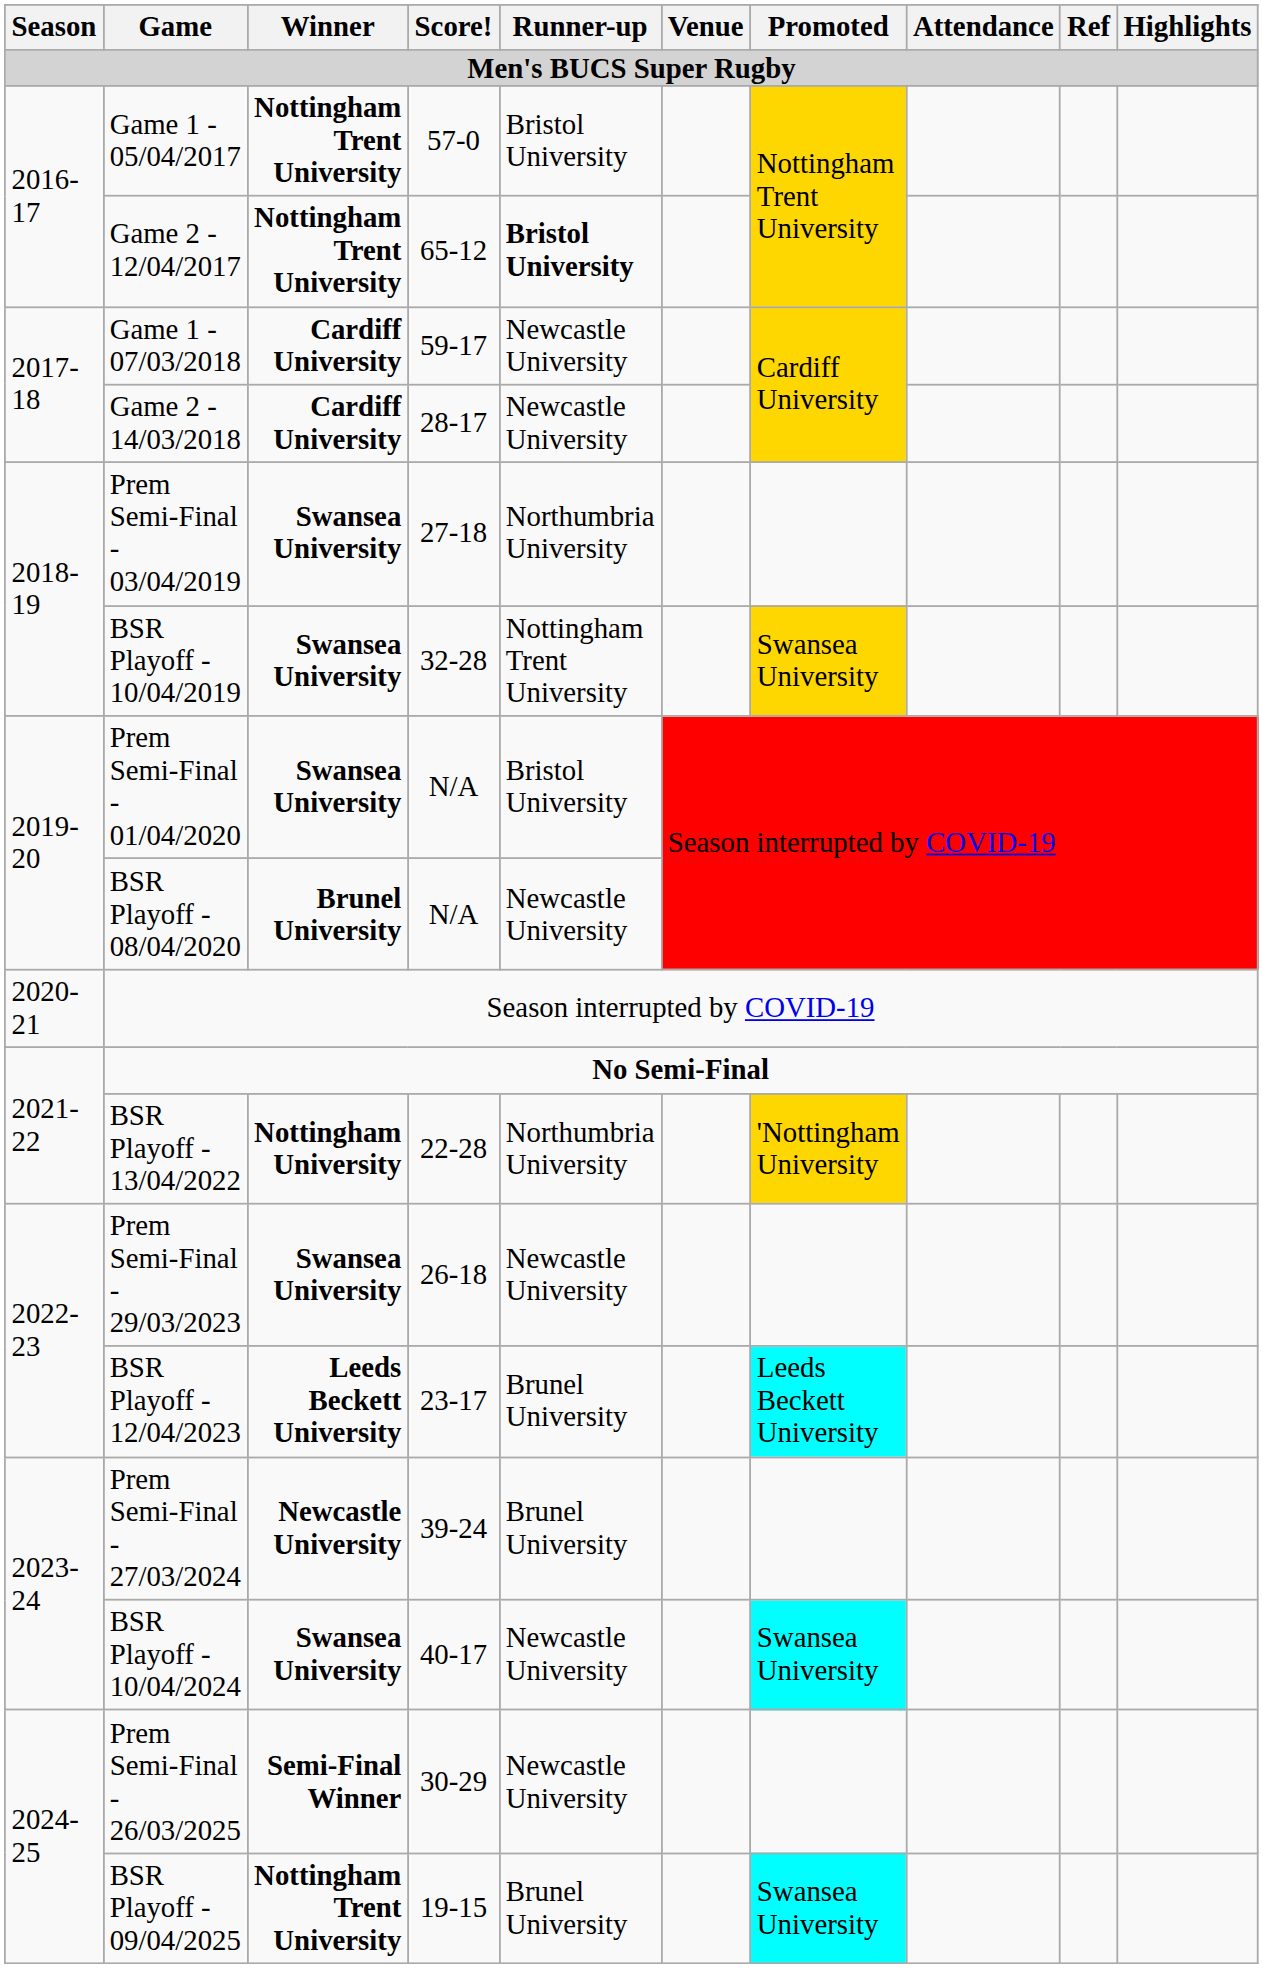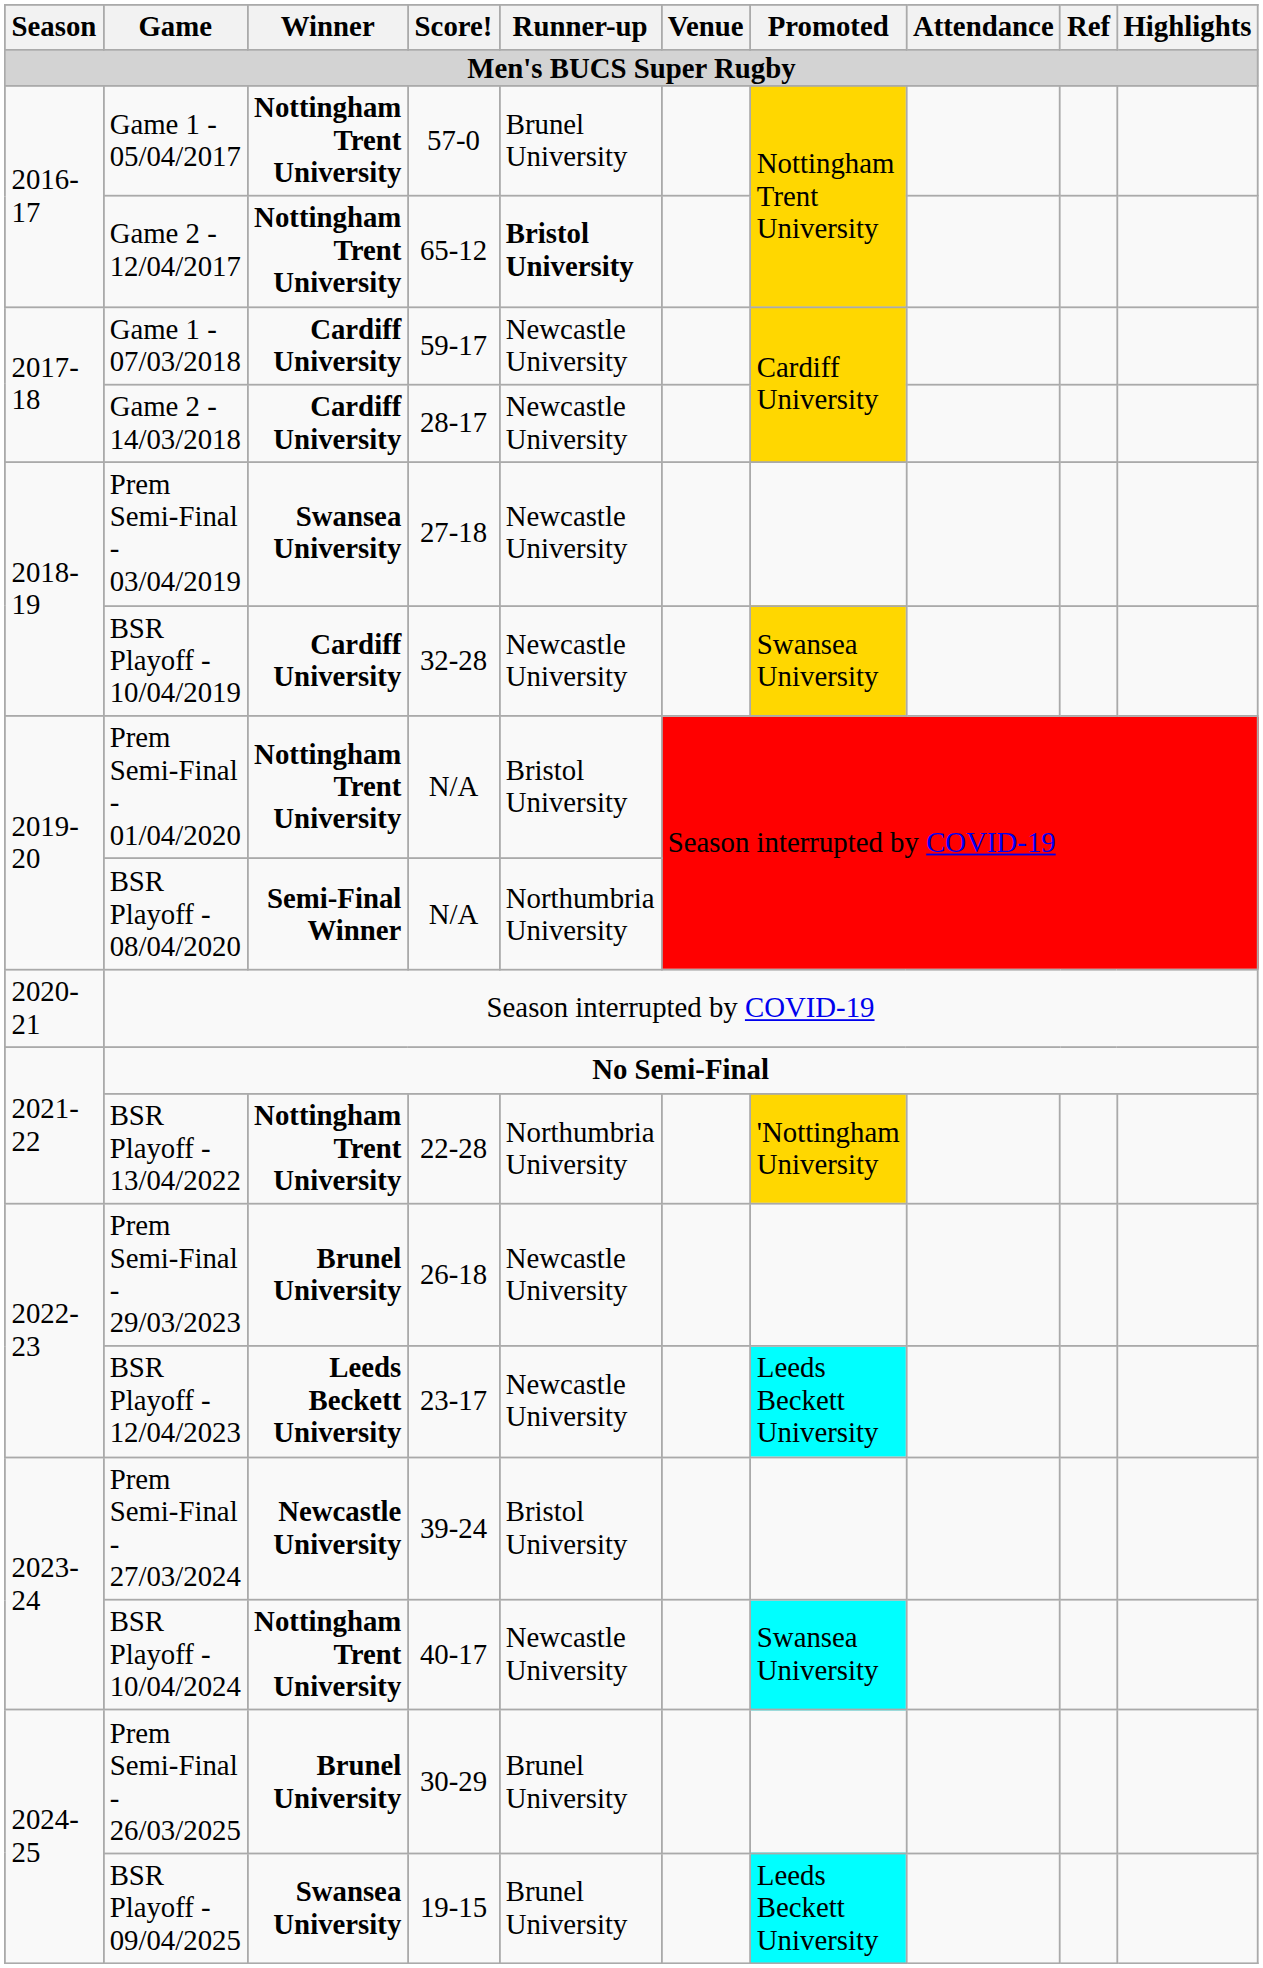 <table class="wikitable">
 <tr>
 <th>Season</th>
 <th>Game</th>
 <th> Winner</th>
 <th>Score!</th>
 <th> Runner-up</th>
 <th>Venue</th>
 <th>Promoted</th>
 <th>Attendance</th>
 <th>Ref</th>
 <th>Highlights</th>
 </tr>
 <tr bgcolor=lightgrey>
 <td colspan=10 align=center style="line-height:12px;"><span><strong>Men's BUCS Super Rugby</strong></span></td>
 </tr>
 <tr>
 <td rowspan=2>2016-17</td>
 <td>Game 1 - 05/04/2017</td>
 <td style="text-align:right;"><strong>Nottingham Trent University</strong></td>
 <td style="text-align:center;">57-0</td>
-<td style="text-align:left;">Bristol University</td>
+<td style="text-align:left;">Brunel University</td>
 <td></td>
 <td rowspan=2 style="background: gold">Nottingham Trent University</td>
 <td></td>
 <td></td>
 <td></td>
 </tr>
 <tr>
 <td>Game 2 - 12/04/2017</td>
 <td style="text-align:right;"><strong>Nottingham Trent University</strong></td>
 <td style="text-align:center;">65-12</td>
 <td style="text-align:left;"><strong>Bristol University</strong></td>
 <td></td>
 <td></td>
 <td></td>
 <td></td>
 </tr>
 <tr>
 <td rowspan=2>2017-18</td>
 <td>Game 1 - 07/03/2018</td>
 <td style="text-align:right;"><strong>Cardiff University</strong></td>
 <td style="text-align:center;">59-17</td>
 <td style="text-align:left;">Newcastle University</td>
 <td></td>
 <td rowspan=2 style="background: gold">Cardiff University</td>
 <td></td>
 <td></td>
 <td></td>
 </tr>
 <tr>
 <td>Game 2 - 14/03/2018</td>
 <td style="text-align:right;"><strong>Cardiff University</strong></td>
 <td style="text-align:center;">28-17</td>
 <td style="text-align:left;">Newcastle University</td>
 <td></td>
 <td></td>
 <td></td>
 <td></td>
 </tr>
 <tr>
 <td rowspan=2>2018-19</td>
 <td>Prem Semi-Final - 03/04/2019</td>
 <td style="text-align:right;"><strong>Swansea University</strong></td>
 <td style="text-align:center;">27-18</td>
-<td style="text-align:left;">Northumbria University</td>
+<td style="text-align:left;">Newcastle University</td>
 <td></td>
 <td></td>
 <td></td>
 <td></td>
 <td></td>
 </tr>
 <tr>
 <td>BSR Playoff - 10/04/2019</td>
-<td style="text-align:right;"><strong>Swansea University</strong></td>
+<td style="text-align:right;"><strong>Cardiff University</strong></td>
 <td style="text-align:center;">32-28</td>
-<td style="text-align:left;">Nottingham Trent University</td>
+<td style="text-align:left;">Newcastle University</td>
 <td></td>
 <td style="background: gold">Swansea University</td>
 <td></td>
 <td></td>
 <td></td>
 </tr>
 <tr>
 <td rowspan=2>2019-20</td>
 <td>Prem Semi-Final - 01/04/2020</td>
-<td style="text-align:right;"><strong>Swansea University</strong></td>
+<td style="text-align:right;"><strong>Nottingham Trent University</strong></td>
 <td style="text-align:center;">N/A</td>
 <td style="text-align:left;">Bristol University</td>
 <td rowspan=2 colspan="9" style="background: red">Season interrupted by <a href='#'>COVID-19</a></td>
 </tr>
 <tr>
 <td>BSR Playoff - 08/04/2020</td>
-<td style="text-align:right;"><strong>Brunel University</strong></td>
+<td style="text-align:right;"><strong>Semi-Final Winner</strong></td>
 <td style="text-align:center;">N/A</td>
-<td style="text-align:left;">Newcastle University</td>
+<td style="text-align:left;">Northumbria University</td>
 </tr>
 <tr>
 <td>2020-21</td>
 <td align=center colspan="9">Season interrupted by <a href='#'>COVID-19</a></td>
 </tr>
 <tr>
 <td rowspan=2>2021-22</td>
 <td align=center colspan="9"><strong>No Semi-Final</strong></td>
 </tr>
 <tr>
 <td>BSR Playoff - 13/04/2022</td>
-<td style="text-align:right;"><strong>Nottingham University</strong></td>
+<td style="text-align:right;"><strong>Nottingham Trent University</strong></td>
 <td style="text-align:center;">22-28</td>
 <td style="text-align:left;">Northumbria University</td>
 <td></td>
 <td style="background: gold">'Nottingham University</td>
 <td></td>
 <td></td>
 <td></td>
 </tr>
 <tr>
 <td rowspan=2>2022-23</td>
 <td>Prem Semi-Final - 29/03/2023</td>
-<td style="text-align:right;"><strong>Swansea University</strong></td>
+<td style="text-align:right;"><strong>Brunel University</strong></td>
 <td style="text-align:center;">26-18</td>
 <td style="text-align:left;">Newcastle University</td>
 <td></td>
 <td></td>
 <td></td>
 <td></td>
 <td></td>
 </tr>
 <tr>
 <td>BSR Playoff - 12/04/2023</td>
 <td style="text-align:right;"><strong>Leeds Beckett University</strong></td>
 <td style="text-align:center;">23-17</td>
-<td style="text-align:left;">Brunel University</td>
+<td style="text-align:left;">Newcastle University</td>
 <td></td>
 <td style="background:cyan">Leeds Beckett University</td>
 <td></td>
 <td></td>
 <td></td>
 </tr>
 <tr>
 <td rowspan=2>2023-24</td>
 <td>Prem Semi-Final - 27/03/2024</td>
 <td style="text-align:right;"><strong>Newcastle University</strong></td>
 <td style="text-align:center;">39-24</td>
-<td style="text-align:left;">Brunel University</td>
+<td style="text-align:left;">Bristol University</td>
 <td></td>
 <td></td>
 <td></td>
 <td></td>
 <td></td>
 </tr>
 <tr>
 <td>BSR Playoff - 10/04/2024</td>
-<td style="text-align:right;"><strong>Swansea University</strong></td>
+<td style="text-align:right;"><strong>Nottingham Trent University</strong></td>
 <td style="text-align:center;">40-17</td>
 <td style="text-align:left;">Newcastle University</td>
 <td></td>
 <td style="background:cyan">Swansea University</td>
 <td></td>
 <td></td>
 </tr>
 <tr>
 <td rowspan=2>2024-25</td>
 <td>Prem Semi-Final - 26/03/2025</td>
-<td style="text-align:right;"><strong>Semi-Final Winner</strong></td>
+<td style="text-align:right;"><strong>Brunel University</strong></td>
 <td style="text-align:center;">30-29</td>
-<td style="text-align:left;">Newcastle University</td>
+<td style="text-align:left;">Brunel University</td>
 <td></td>
 <td></td>
 <td></td>
 <td></td>
 <td></td>
 </tr>
 <tr>
 <td>BSR Playoff - 09/04/2025</td>
-<td style="text-align:right;"><strong>Nottingham Trent University</strong></td>
+<td style="text-align:right;"><strong>Swansea University</strong></td>
 <td style="text-align:center;">19-15</td>
 <td style="text-align:left;">Brunel University</td>
 <td></td>
-<td style="background:cyan">Swansea University</td>
+<td style="background:cyan">Leeds Beckett University</td>
 <td></td>
 <td></td>
 <td></td>
 </tr>
 </table>
